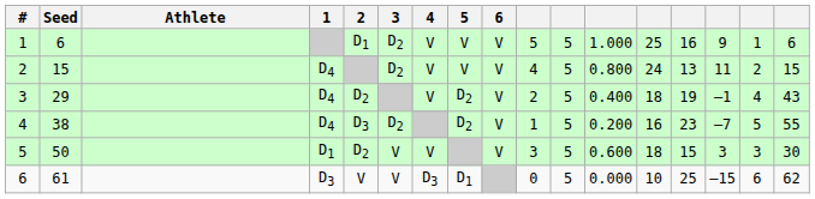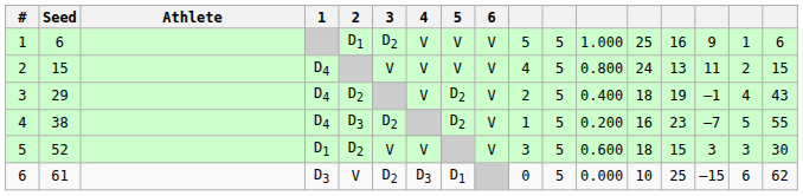 <table class="wikitable" style="text-align:center">
 <tr>
 <th width="25">#</th>
 <th width="25">Seed</th>
 <th width="200">Athlete</th>
 <th width="25">1</th>
 <th width="25">2</th>
 <th width="25">3</th>
 <th width="25">4</th>
 <th width="25">5</th>
 <th width="25">6</th>
 <th width="25"></th>
 <th width="25"></th>
 <th width="40"></th>
 <th width="25"></th>
 <th width="25"></th>
 <th width="25"></th>
 <th width="25"></th>
 <th width="25"></th>
 </tr>
 <tr bgcolor="#ccffcc">
 <td>1</td>
 <td>6</td>
 <td align=left></td>
 <td bgcolor="#cccccc"></td>
 <td>D<sub>1</sub></td>
 <td>D<sub>2</sub></td>
 <td>V</td>
 <td>V</td>
 <td>V</td>
 <td>5</td>
 <td>5</td>
 <td>1.000</td>
 <td>25</td>
 <td>16</td>
 <td>9</td>
 <td>1</td>
 <td>6</td>
 </tr>
 <tr bgcolor="#ccffcc">
 <td>2</td>
 <td>15</td>
 <td align=left></td>
 <td>D<sub>4</sub></td>
 <td bgcolor="#cccccc"></td>
-<td>D<sub>2</sub></td>
+<td>V</td>
 <td>V</td>
 <td>V</td>
 <td>V</td>
 <td>4</td>
 <td>5</td>
 <td>0.800</td>
 <td>24</td>
 <td>13</td>
 <td>11</td>
 <td>2</td>
 <td>15</td>
 </tr>
 <tr bgcolor="#ccffcc">
 <td>3</td>
 <td>29</td>
 <td align=left></td>
 <td>D<sub>4</sub></td>
 <td>D<sub>2</sub></td>
 <td bgcolor="#cccccc"></td>
 <td>V</td>
 <td>D<sub>2</sub></td>
 <td>V</td>
 <td>2</td>
 <td>5</td>
 <td>0.400</td>
 <td>18</td>
 <td>19</td>
 <td>–1</td>
 <td>4</td>
 <td>43</td>
 </tr>
 <tr bgcolor="#ccffcc">
 <td>4</td>
 <td>38</td>
 <td align=left></td>
 <td>D<sub>4</sub></td>
 <td>D<sub>3</sub></td>
 <td>D<sub>2</sub></td>
 <td bgcolor="#cccccc"></td>
 <td>D<sub>2</sub></td>
 <td>V</td>
 <td>1</td>
 <td>5</td>
 <td>0.200</td>
 <td>16</td>
 <td>23</td>
 <td>–7</td>
 <td>5</td>
 <td>55</td>
 </tr>
 <tr bgcolor="#ccffcc">
 <td>5</td>
-<td>50</td>
+<td>52</td>
 <td align=left></td>
 <td>D<sub>1</sub></td>
 <td>D<sub>2</sub></td>
 <td>V</td>
 <td>V</td>
 <td bgcolor="#cccccc"></td>
 <td>V</td>
 <td>3</td>
 <td>5</td>
 <td>0.600</td>
 <td>18</td>
 <td>15</td>
 <td>3</td>
 <td>3</td>
 <td>30</td>
 </tr>
 <tr>
 <td>6</td>
 <td>61</td>
 <td align=left></td>
 <td>D<sub>3</sub></td>
 <td>V</td>
-<td>V</td>
+<td>D<sub>2</sub></td>
 <td>D<sub>3</sub></td>
 <td>D<sub>1</sub></td>
 <td bgcolor="#cccccc"></td>
 <td>0</td>
 <td>5</td>
 <td>0.000</td>
 <td>10</td>
 <td>25</td>
 <td>–15</td>
 <td>6</td>
 <td>62</td>
 </tr>
 </table>
